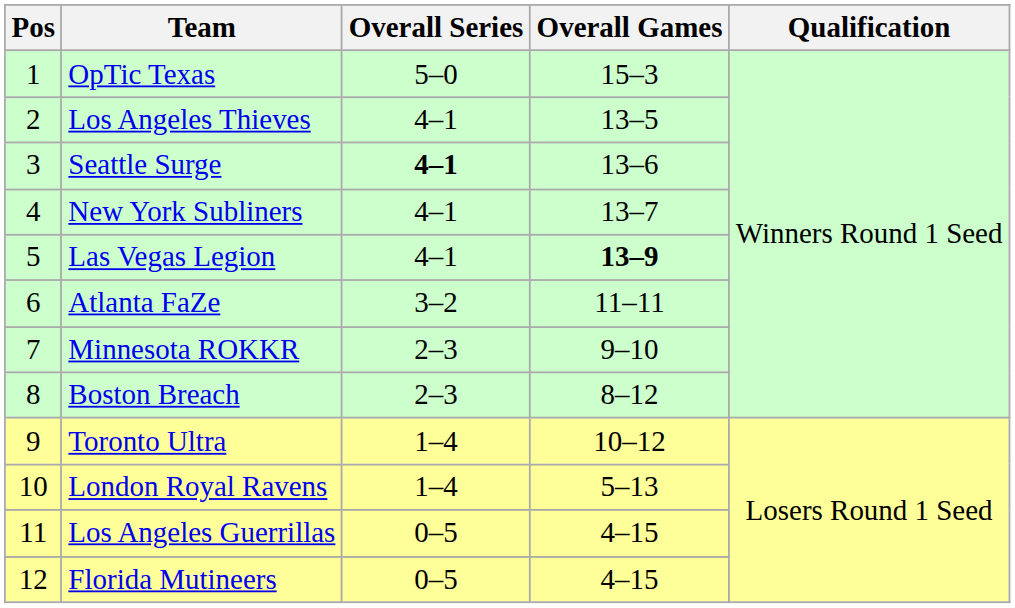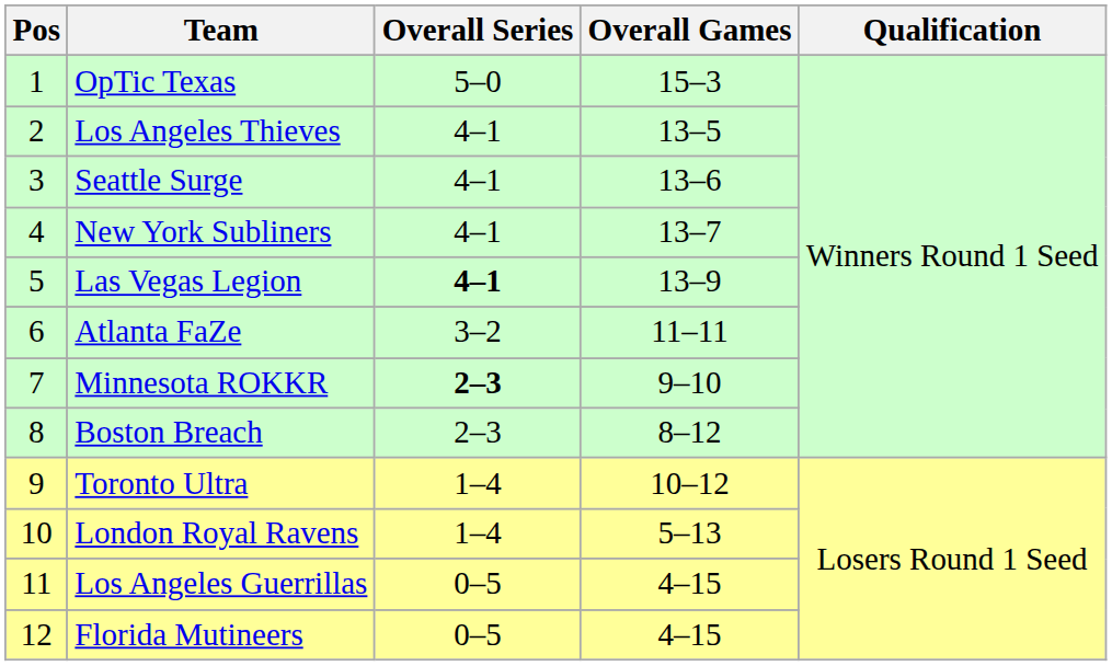 <table class="wikitable" style="text-align:center">
 <tr>
 <th>Pos</th>
 <th>Team</th>
 <th>Overall Series</th>
 <th>Overall Games</th>
 <th>Qualification</th>
 </tr>
 <tr style="background:#CCFFCC">
 <td>1</td>
 <td style="text-align:left"><a href='#'>OpTic Texas</a></td>
 <td>5–0</td>
 <td>15–3</td>
 <td rowspan="8">Winners Round 1 Seed</td>
 </tr>
 <tr style="background:#CCFFCC">
 <td>2</td>
 <td style="text-align:left"><a href='#'>Los Angeles Thieves</a></td>
 <td>4–1</td>
 <td>13–5</td>
 </tr>
 <tr style="background:#CCFFCC">
 <td>3</td>
 <td style="text-align:left"><a href='#'>Seattle Surge</a></td>
-<td><strong>4–1</strong></td>
+<td>4–1</td>
 <td>13–6</td>
 </tr>
 <tr style="background:#CCFFCC">
 <td>4</td>
 <td style="text-align:left"><a href='#'>New York Subliners</a></td>
 <td>4–1</td>
 <td>13–7</td>
 </tr>
 <tr style="background:#CCFFCC">
 <td>5</td>
 <td style="text-align:left"><a href='#'>Las Vegas Legion</a></td>
-<td>4–1</td>
-<td><strong>13–9</strong></td>
+<td><strong>4–1</strong></td>
+<td>13–9</td>
 </tr>
 <tr style="background:#CCFFCC">
 <td>6</td>
 <td style="text-align:left"><a href='#'>Atlanta FaZe</a></td>
 <td>3–2</td>
 <td>11–11</td>
 </tr>
 <tr style="background:#CCFFCC">
 <td>7</td>
 <td style="text-align:left"><a href='#'>Minnesota ROKKR</a></td>
-<td>2–3</td>
+<td><strong>2–3</strong></td>
 <td>9–10</td>
 </tr>
 <tr style="background:#CCFFCC">
 <td>8</td>
 <td style="text-align:left"><a href='#'>Boston Breach</a></td>
 <td>2–3</td>
 <td>8–12</td>
 </tr>
 <tr style="background:#FFFF99">
 <td>9</td>
 <td style="text-align:left"><a href='#'>Toronto Ultra</a></td>
 <td>1–4</td>
 <td>10–12</td>
 <td rowspan="4">Losers Round 1 Seed</td>
 </tr>
 <tr style="background:#FFFF99">
 <td>10</td>
 <td style="text-align:left"><a href='#'>London Royal Ravens</a></td>
 <td>1–4</td>
 <td>5–13</td>
 </tr>
 <tr style="background:#FFFF99">
 <td>11</td>
 <td style="text-align:left"><a href='#'>Los Angeles Guerrillas</a></td>
 <td>0–5</td>
 <td>4–15</td>
 </tr>
 <tr style="background:#FFFF99">
 <td>12</td>
 <td style="text-align:left"><a href='#'>Florida Mutineers</a></td>
 <td>0–5</td>
 <td>4–15</td>
 </tr>
 </table>
